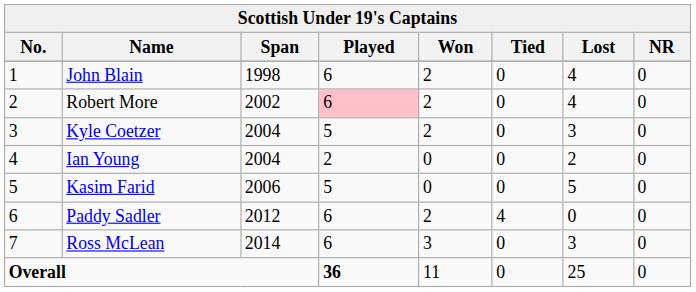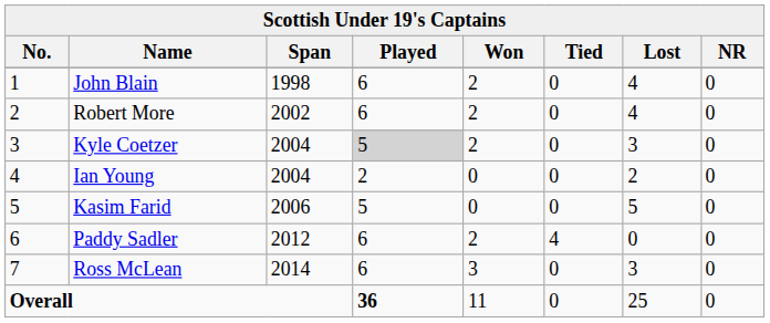 <table class="wikitable" style="width:70%;">
 <tr>
 <th style="background:#efefef;" colspan="9">Scottish Under 19's Captains</th>
 </tr>
 <tr style="background:#efefef;">
 <th>No.</th>
 <th>Name</th>
 <th>Span</th>
 <th>Played</th>
 <th>Won</th>
 <th>Tied</th>
 <th>Lost</th>
 <th>NR</th>
 </tr>
 <tr>
 </tr>
 <tr>
 <td>1</td>
 <td><a href='#'>John Blain</a></td>
 <td>1998</td>
 <td>6</td>
 <td>2</td>
 <td>0</td>
 <td>4</td>
 <td>0</td>
 </tr>
 <tr>
 <td>2</td>
 <td>Robert More</td>
 <td>2002</td>
-<td style="background: pink;">6</td>
+<td>6</td>
 <td>2</td>
 <td>0</td>
 <td>4</td>
 <td>0</td>
 </tr>
 <tr>
 <td>3</td>
 <td><a href='#'>Kyle Coetzer</a></td>
 <td>2004</td>
-<td>5</td>
+<td style="background: lightgrey;">5</td>
 <td>2</td>
 <td>0</td>
 <td>3</td>
 <td>0</td>
 </tr>
 <tr>
 <td>4</td>
 <td><a href='#'>Ian Young</a></td>
 <td>2004</td>
 <td>2</td>
 <td>0</td>
 <td>0</td>
 <td>2</td>
 <td>0</td>
 </tr>
 <tr>
 <td>5</td>
 <td><a href='#'>Kasim Farid</a></td>
 <td>2006</td>
 <td>5</td>
 <td>0</td>
 <td>0</td>
 <td>5</td>
 <td>0</td>
 </tr>
 <tr>
 <td>6</td>
 <td><a href='#'>Paddy Sadler</a></td>
 <td>2012</td>
 <td>6</td>
 <td>2</td>
 <td>4</td>
 <td>0</td>
 <td>0</td>
 </tr>
 <tr>
 <td>7</td>
 <td><a href='#'>Ross McLean</a></td>
 <td>2014</td>
 <td>6</td>
 <td>3</td>
 <td>0</td>
 <td>3</td>
 <td>0</td>
 </tr>
 <tr>
 <td colspan=3><strong>Overall</strong></td>
 <td><strong>36<em></td>
 <td></strong>11<strong></td>
 <td></strong>0<strong></td>
 <td></strong>25<strong></td>
 <td></strong>0<strong></td>
 </tr>
 </table>
